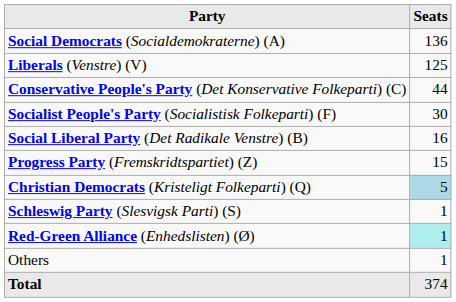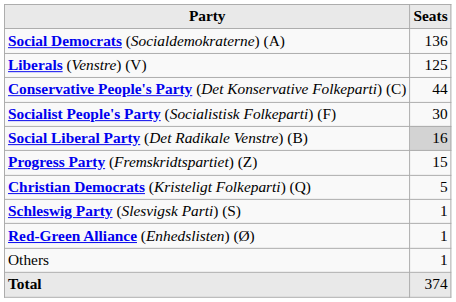 <table class="wikitable">
 <tr>
 <th style="background-color:#E9E9E9">Party</th>
 <th style="background-color:#E9E9E9">Seats</th>
 </tr>
 <tr>
 <td><strong><a href='#'>Social Democrats</a></strong> (<em>Socialdemokraterne</em>) (A)</td>
 <td align="right">136</td>
 </tr>
 <tr>
 <td><strong><a href='#'>Liberals</a></strong> (<em>Venstre</em>) (V)</td>
 <td align="right">125</td>
 </tr>
 <tr>
 <td><strong><a href='#'>Conservative People's Party</a></strong> (<em>Det Konservative Folkeparti</em>) (C)</td>
 <td align="right">44</td>
 </tr>
 <tr>
 <td><strong><a href='#'>Socialist People's Party</a></strong> (<em>Socialistisk Folkeparti</em>) (F)</td>
 <td align="right">30</td>
 </tr>
 <tr>
 <td><strong><a href='#'>Social Liberal Party</a></strong> (<em>Det Radikale Venstre</em>) (B)</td>
-<td align="right">16</td>
+<td align="right" style="background: lightgrey;">16</td>
 </tr>
 <tr>
 <td><strong><a href='#'>Progress Party</a></strong> (<em>Fremskridtspartiet</em>) (Z)</td>
 <td align="right">15</td>
 </tr>
 <tr>
 <td><strong><a href='#'>Christian Democrats</a></strong> (<em>Kristeligt Folkeparti</em>) (Q)</td>
-<td align="right" style="background: lightblue;">5</td>
+<td align="right">5</td>
 </tr>
 <tr>
 <td><strong><a href='#'>Schleswig Party</a></strong> (<em>Slesvigsk Parti</em>) (S)</td>
 <td align="right">1</td>
 </tr>
 <tr>
 <td><strong><a href='#'>Red-Green Alliance</a></strong> (<em>Enhedslisten</em>) (Ø)</td>
-<td align="right" style="background: paleturquoise;">1</td>
+<td align="right">1</td>
 </tr>
 <tr>
 <td>Others</td>
 <td align="right">1</td>
 </tr>
 <tr>
 <td style="background-color:#E9E9E9"><strong>Total</strong></td>
 <td align="right" style="background-color:#E9E9E9">374</td>
 </tr>
 </table>
